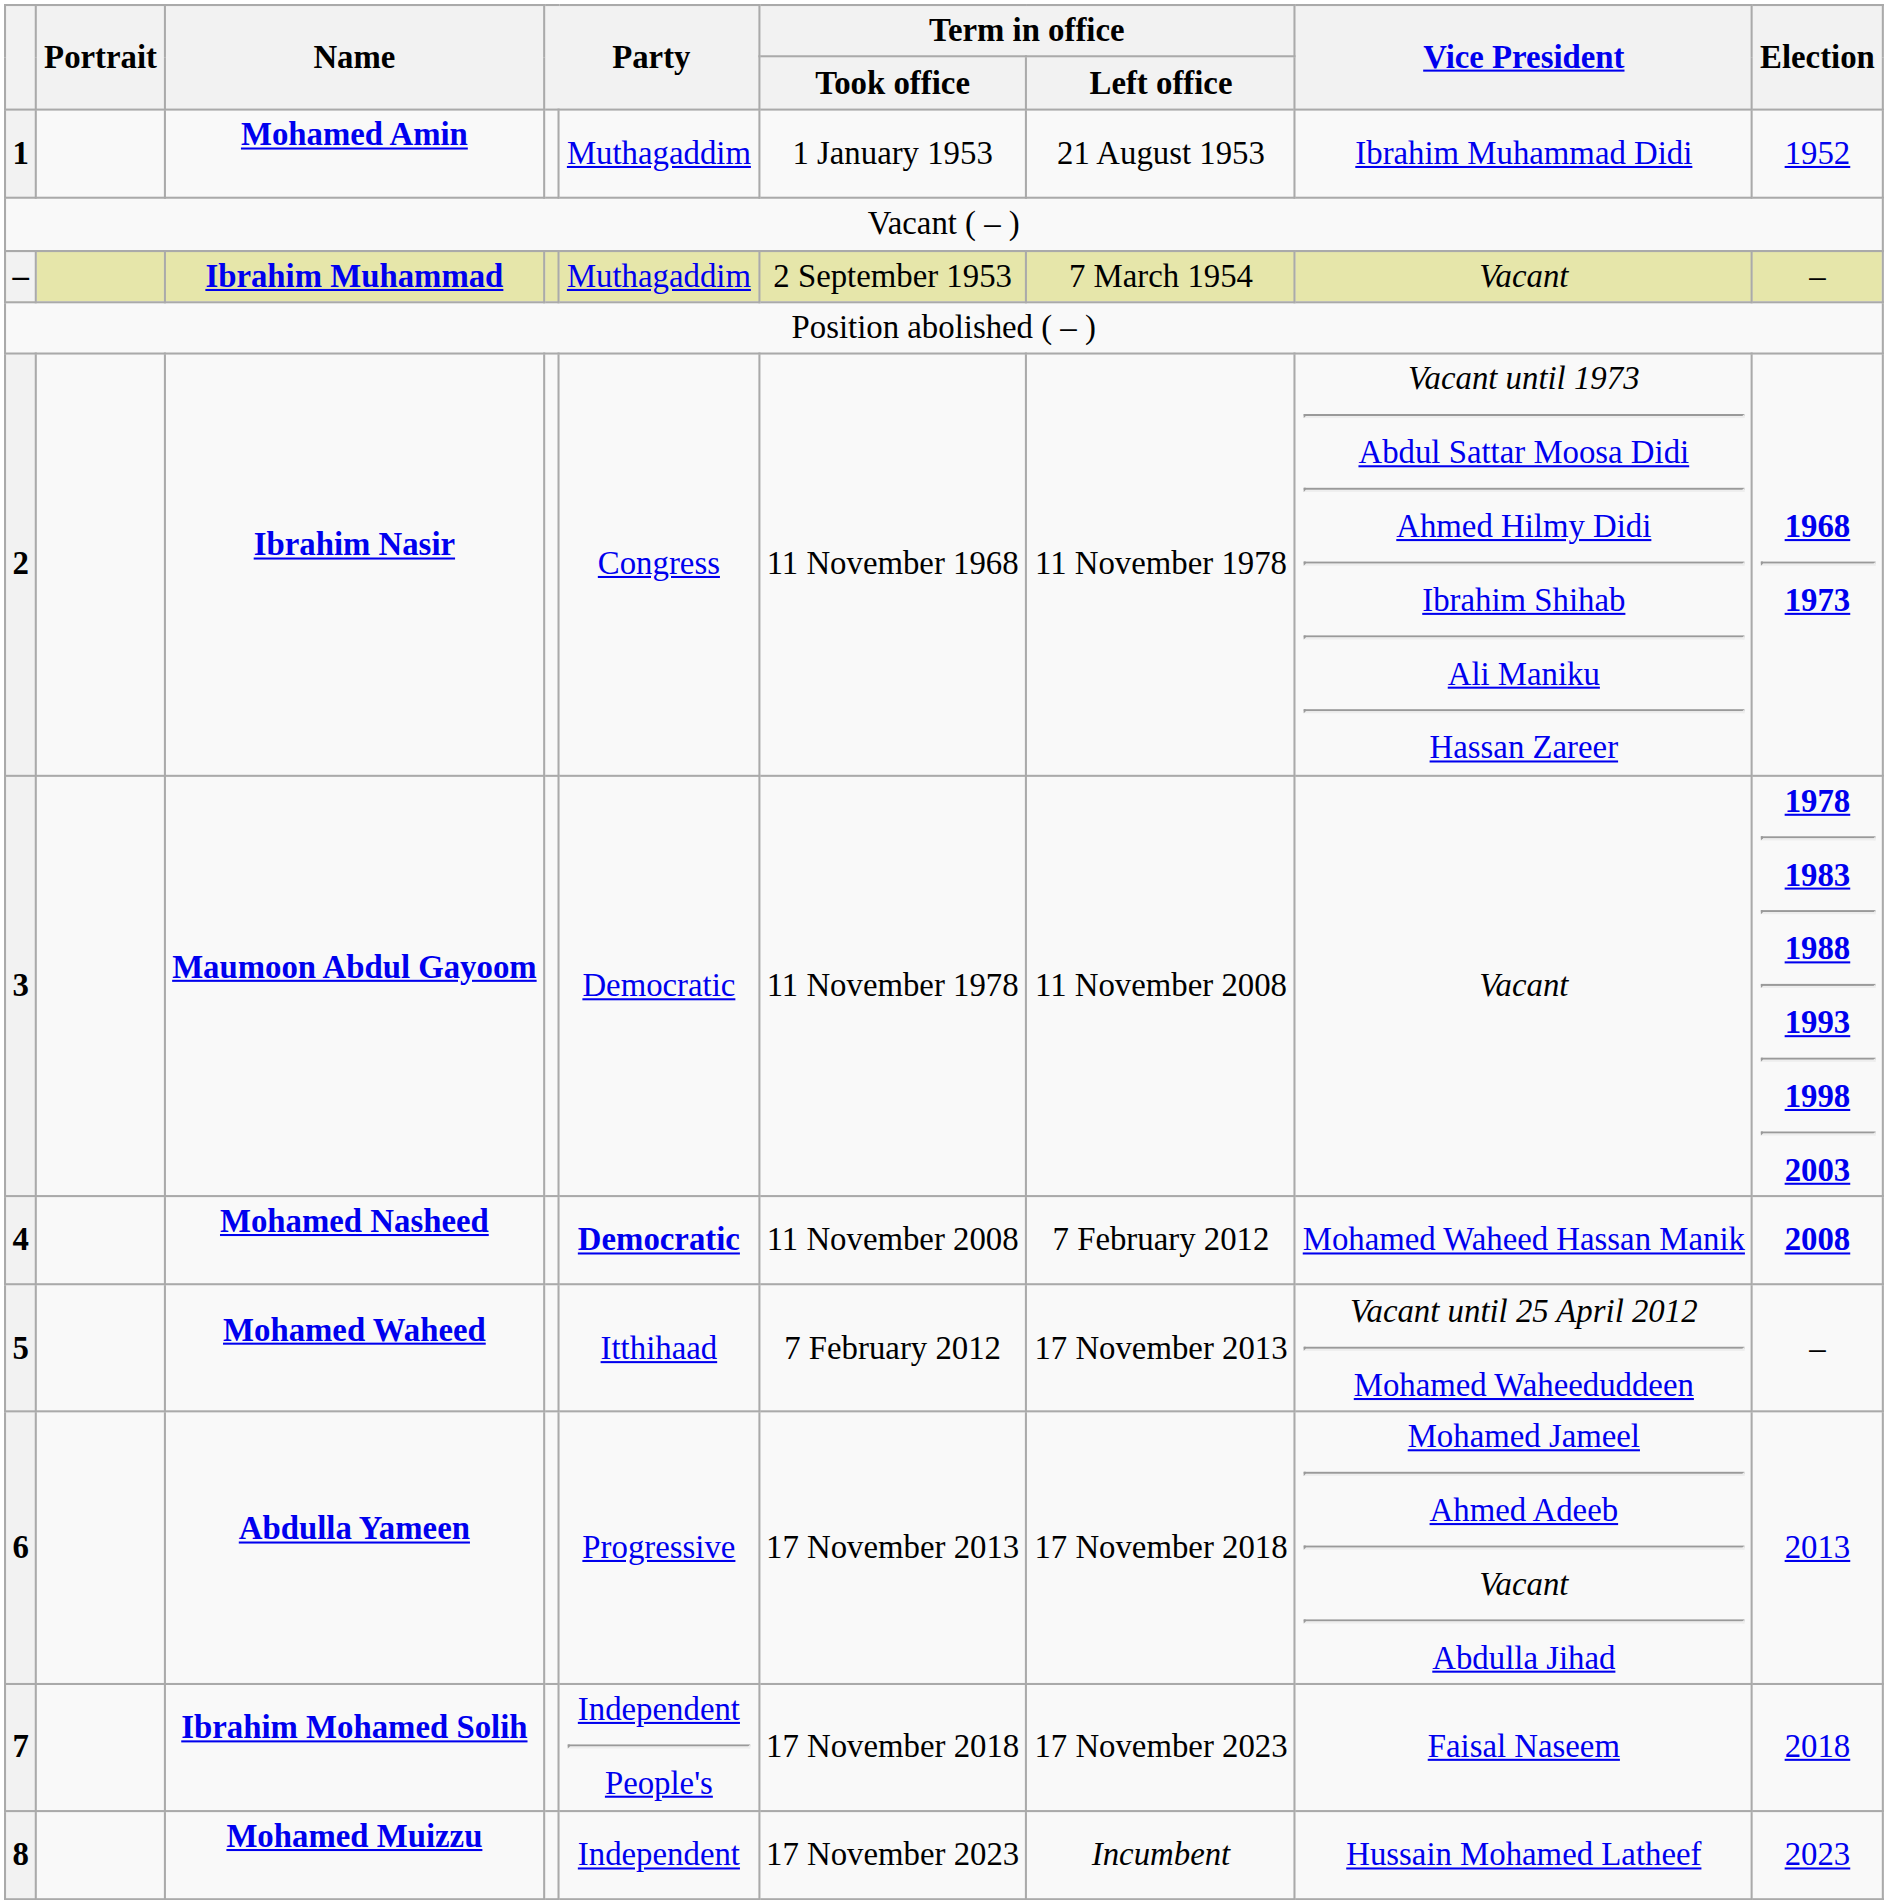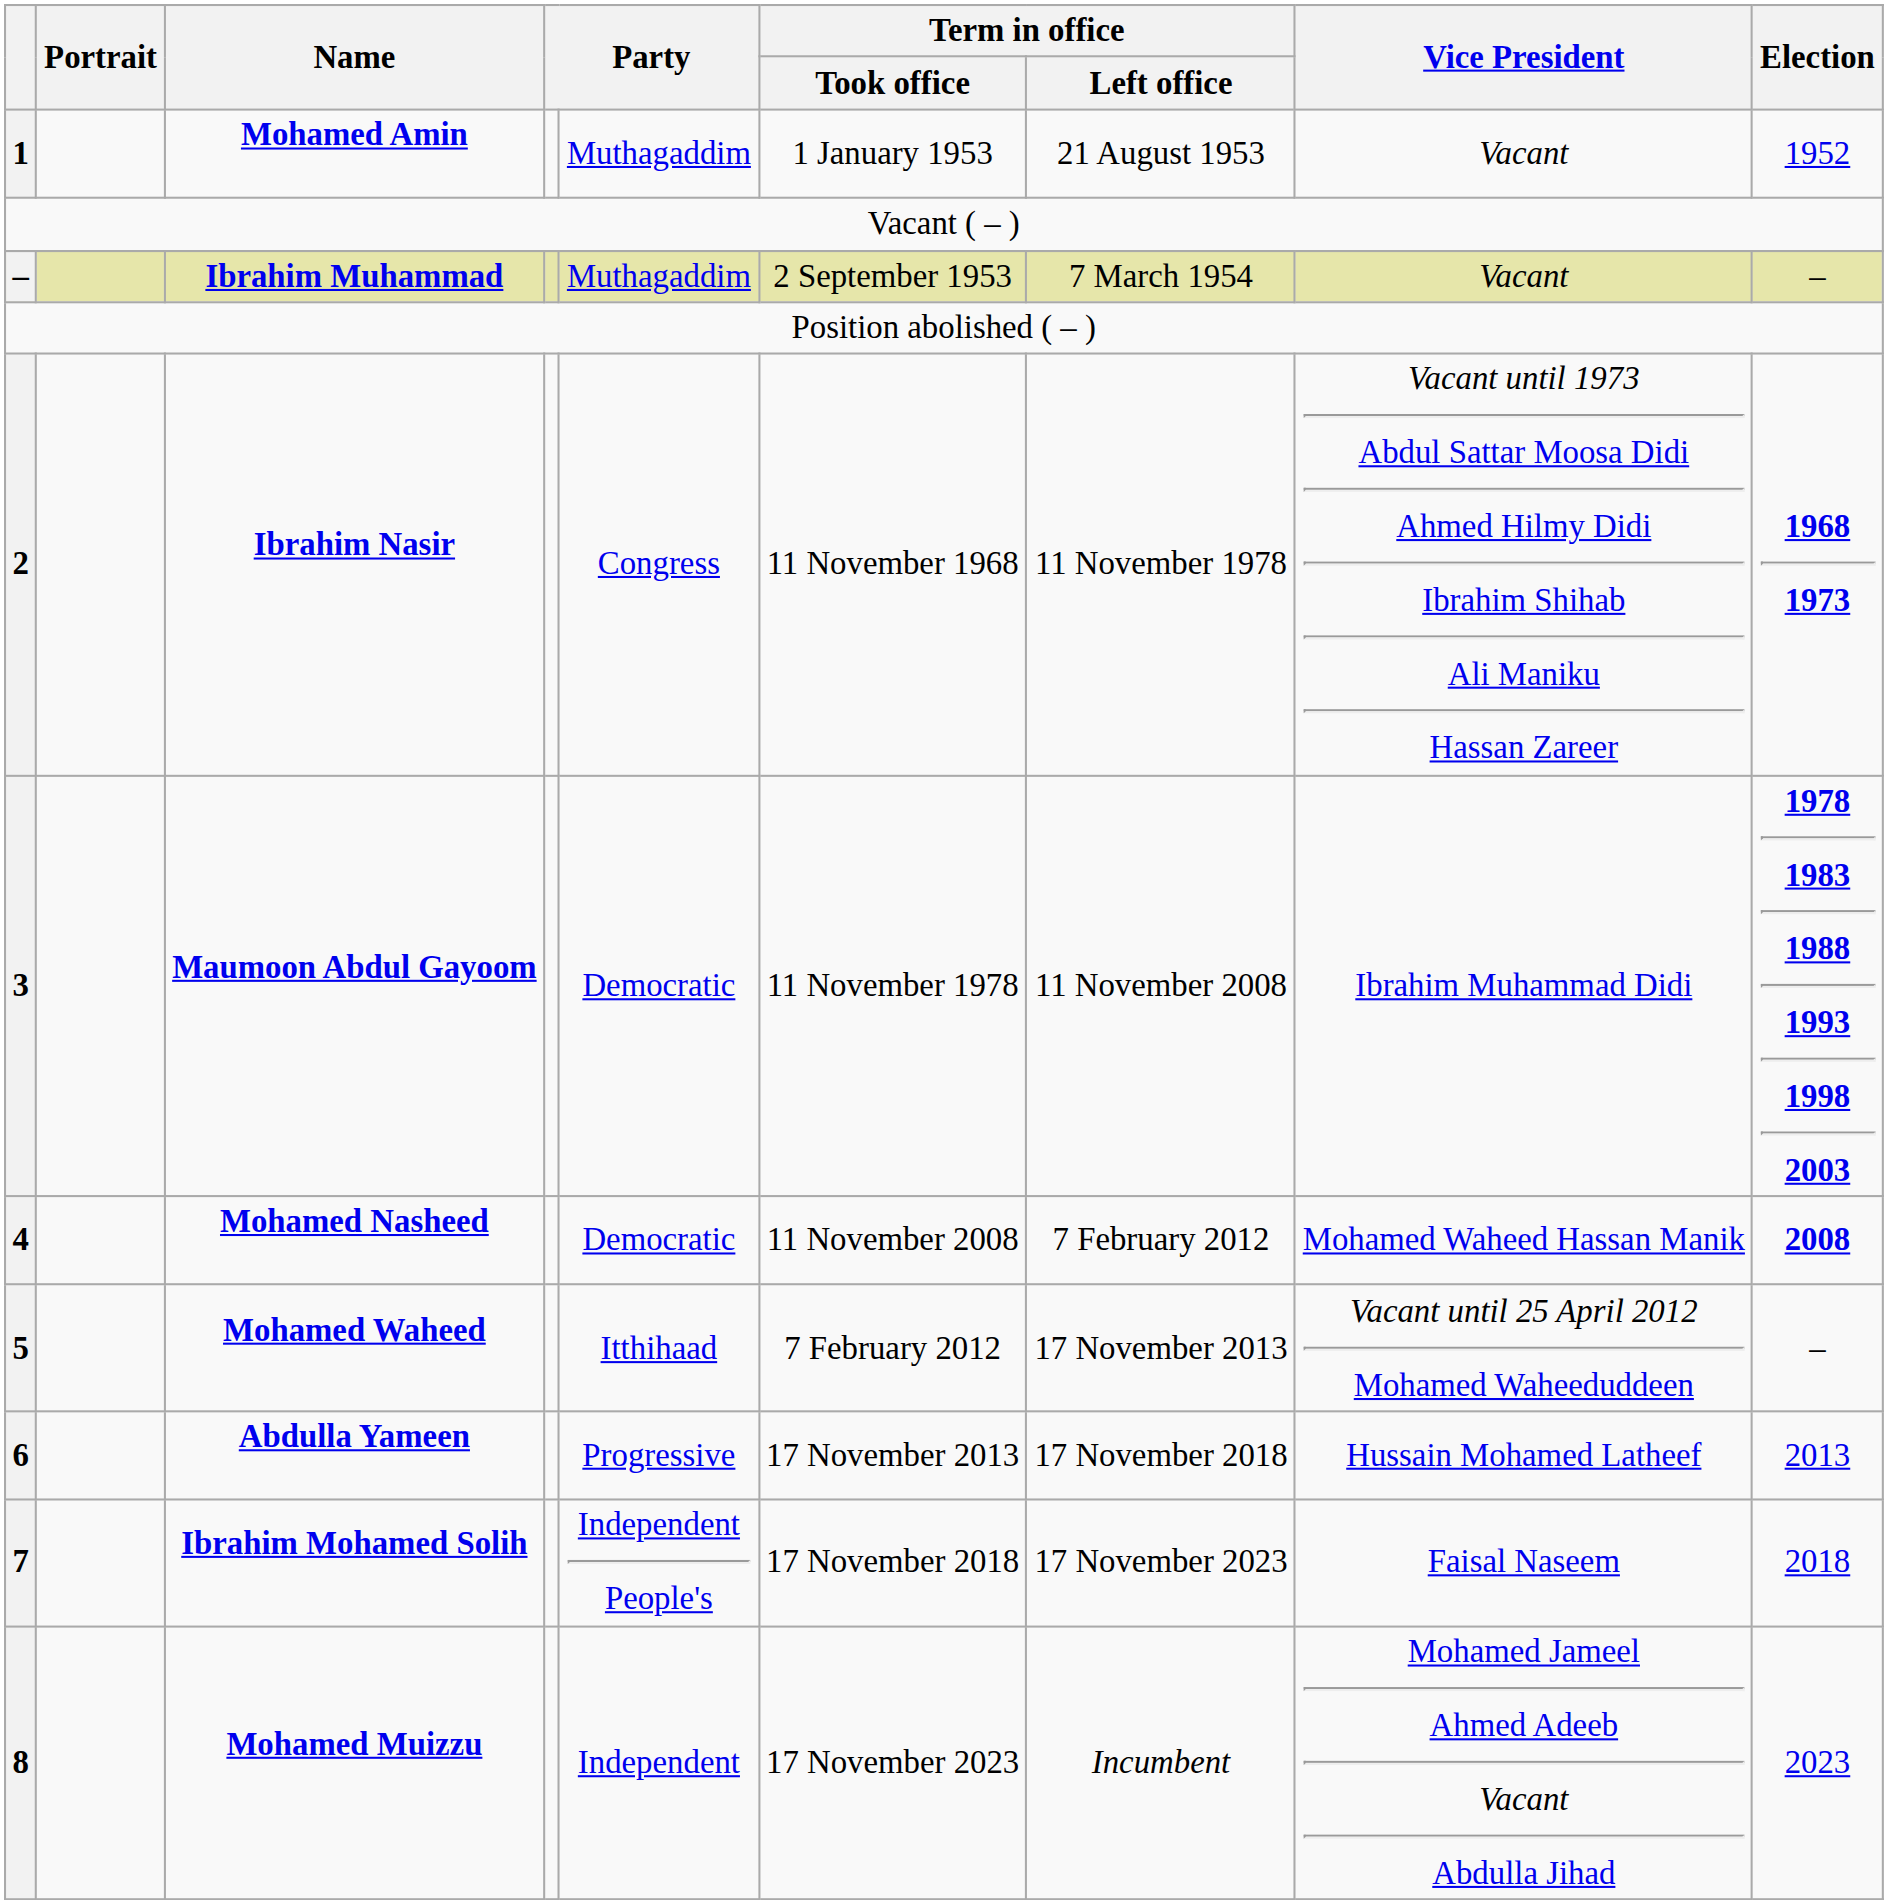 <table class="sortable wikitable" style=text-align:center;>
 <tr>
 <th rowspan=2></th>
 <th rowspan=2  class=unsortable>Portrait</th>
 <th rowspan=2>Name<br></th>
 <th colspan="2" rowspan="2">Party</th>
 <th colspan=2>Term in office</th>
 <th rowspan="2"  class=unsortable><a href='#'>Vice President</a></th>
 <th rowspan="2"  class=unsortable>Election</th>
 </tr>
 <tr>
 <th class=unsortable>Took office</th>
 <th class=unsortable>Left office</th>
 </tr>
 <tr>
 <th scope=row>1</th>
 <td></td>
 <td><strong><a href='#'>Mohamed Amin</a></strong><br><br></td>
 <td style="background-color:"></td>
 <td><a href='#'>Muthagaddim</a></td>
 <td>1 January 1953</td>
 <td>21 August 1953</td>
-<td><a href='#'>Ibrahim Muhammad Didi</a><br></td>
+<td><em>Vacant</em></td>
 <td><a href='#'>1952</a></td>
 </tr>
 <tr>
 <td colspan="10">Vacant ( – )</td>
 </tr>
 <tr>
 </tr>
 <tr style="background-color:#E6E6AA">
 <th scope=row>–</th>
 <td></td>
 <td><strong><a href='#'>Ibrahim Muhammad</a></strong><br></td>
 <td style="background-color:"></td>
 <td><a href='#'>Muthagaddim</a></td>
 <td>2 September 1953</td>
 <td>7 March 1954</td>
 <td><em>Vacant</em></td>
 <td>–</td>
 </tr>
 <tr>
 <td colspan="10">Position abolished ( – )</td>
 </tr>
 <tr>
 <th scope=row>2</th>
 <td></td>
 <td><strong><a href='#'>Ibrahim Nasir</a></strong><br><br></td>
 <td style="background:"></td>
 <td><a href='#'>Congress</a></td>
 <td>11 November 1968</td>
 <td>11 November 1978</td>
 <td><em>Vacant until 1973</em><hr><a href='#'>Abdul Sattar Moosa Didi</a><hr><a href='#'>Ahmed Hilmy Didi</a><hr><a href='#'>Ibrahim Shihab</a><hr><a href='#'>Ali Maniku</a><hr><a href='#'>Hassan Zareer</a></td>
 <td><strong><a href='#'>1968</a><hr><a href='#'>1973</a></strong></td>
 </tr>
 <tr>
 <th scope=row>3</th>
 <td></td>
 <td><strong><a href='#'>Maumoon Abdul Gayoom</a></strong><br><br></td>
 <td style="background: linear-gradient("></td>
 <td><a href='#'>Democratic</a></td>
 <td>11 November 1978</td>
 <td>11 November 2008</td>
-<td><em>Vacant</em></td>
+<td><a href='#'>Ibrahim Muhammad Didi</a><br></td>
 <td class=nowrap><strong><a href='#'>1978</a><hr><a href='#'>1983</a><hr><a href='#'>1988</a><hr><a href='#'>1993</a><hr><a href='#'>1998</a><hr><a href='#'>2003</a></strong></td>
 </tr>
 <tr>
 <th scope=row>4</th>
 <td></td>
 <td><strong><a href='#'>Mohamed Nasheed</a></strong><br><br></td>
 <td style="background:"></td>
-<td><strong><a href='#'>Democratic</a></strong></td>
+<td><a href='#'>Democratic</a></td>
 <td>11 November 2008</td>
 <td>7 February 2012</td>
 <td><a href='#'>Mohamed Waheed Hassan Manik</a></td>
 <td><strong><a href='#'>2008</a></strong></td>
 </tr>
 <tr>
 <th scope=row>5</th>
 <td></td>
 <td><strong><a href='#'>Mohamed Waheed</a></strong><br><br></td>
 <td style="background:"></td>
 <td><a href='#'>Itthihaad</a></td>
 <td>7 February 2012</td>
 <td>17 November 2013</td>
 <td><em>Vacant until 25 April 2012</em><hr><a href='#'>Mohamed Waheeduddeen</a></td>
 <td>–</td>
 </tr>
 <tr>
 <th scope=row>6</th>
 <td></td>
 <td><strong><a href='#'>Abdulla Yameen</a></strong><br><br></td>
 <td style="background:"></td>
 <td><a href='#'>Progressive</a></td>
 <td>17 November 2013</td>
 <td>17 November 2018</td>
-<td><a href='#'>Mohamed Jameel</a><hr><a href='#'>Ahmed Adeeb</a><hr><em>Vacant</em><hr><a href='#'>Abdulla Jihad</a></td>
+<td><a href='#'>Hussain Mohamed Latheef</a></td>
 <td><a href='#'>2013</a></td>
 </tr>
 <tr>
 <th scope=row>7</th>
 <td></td>
 <td><strong><a href='#'>Ibrahim Mohamed Solih</a></strong><br><br></td>
 <td style="background:"></td>
 <td><a href='#'>Independent</a><hr><a href='#'>People's</a></td>
 <td>17 November 2018</td>
 <td>17 November 2023</td>
 <td><a href='#'>Faisal Naseem</a></td>
 <td><a href='#'>2018</a></td>
 </tr>
 <tr>
 <th scope=row>8</th>
 <td></td>
 <td><strong><a href='#'>Mohamed Muizzu</a></strong><br><br></td>
 <td style="background:"></td>
 <td><a href='#'>Independent</a></td>
 <td>17 November 2023</td>
 <td><em>Incumbent</em></td>
-<td><a href='#'>Hussain Mohamed Latheef</a></td>
+<td><a href='#'>Mohamed Jameel</a><hr><a href='#'>Ahmed Adeeb</a><hr><em>Vacant</em><hr><a href='#'>Abdulla Jihad</a></td>
 <td><a href='#'>2023</a></td>
 </tr>
 </table>
